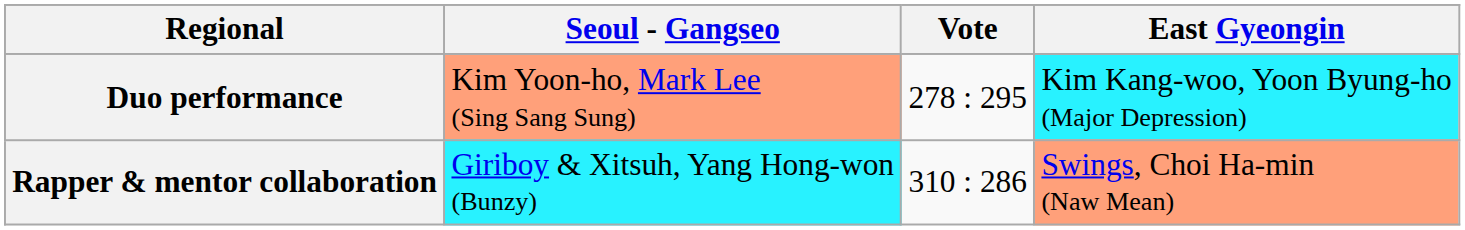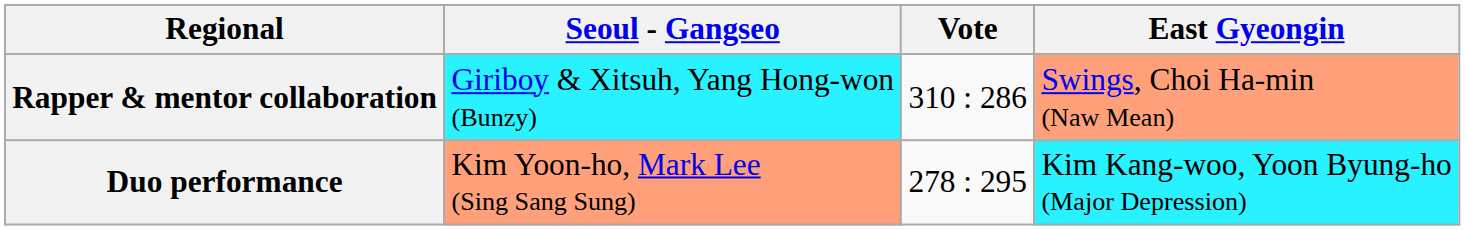 <table class="wikitable">
 <tr>
 <th>Regional</th>
 <th><a href='#'>Seoul</a> - <a href='#'>Gangseo</a></th>
 <th>Vote</th>
 <th>East <a href='#'>Gyeongin</a></th>
 </tr>
 <tr>
+<th>Rapper & mentor collaboration</th>
+<td style="background:#28f2ff;"><a href='#'>Giriboy</a> & Xitsuh, Yang Hong-won <br> <small>(Bunzy)</small></td>
+<td>310 : 286</td>
+<td style="background:#FFA07A;"><a href='#'>Swings</a>, Choi Ha-min <br> <small>(Naw Mean)</small></td>
+</tr>
+<tr>
 <th>Duo performance</th>
 <td style="background:#FFA07A;">Kim Yoon-ho, <a href='#'>Mark Lee</a> <br> <small>(Sing Sang Sung)</small></td>
 <td>278 : 295</td>
 <td style="background:#28f2ff;">Kim Kang-woo, Yoon Byung-ho <br> <small>(Major Depression)</small></td>
 </tr>
-<tr>
-<th>Rapper & mentor collaboration</th>
-<td style="background:#28f2ff;"><a href='#'>Giriboy</a> & Xitsuh, Yang Hong-won <br> <small>(Bunzy)</small></td>
-<td>310 : 286</td>
-<td style="background:#FFA07A;"><a href='#'>Swings</a>, Choi Ha-min <br> <small>(Naw Mean)</small></td>
-</tr>
 </table>
